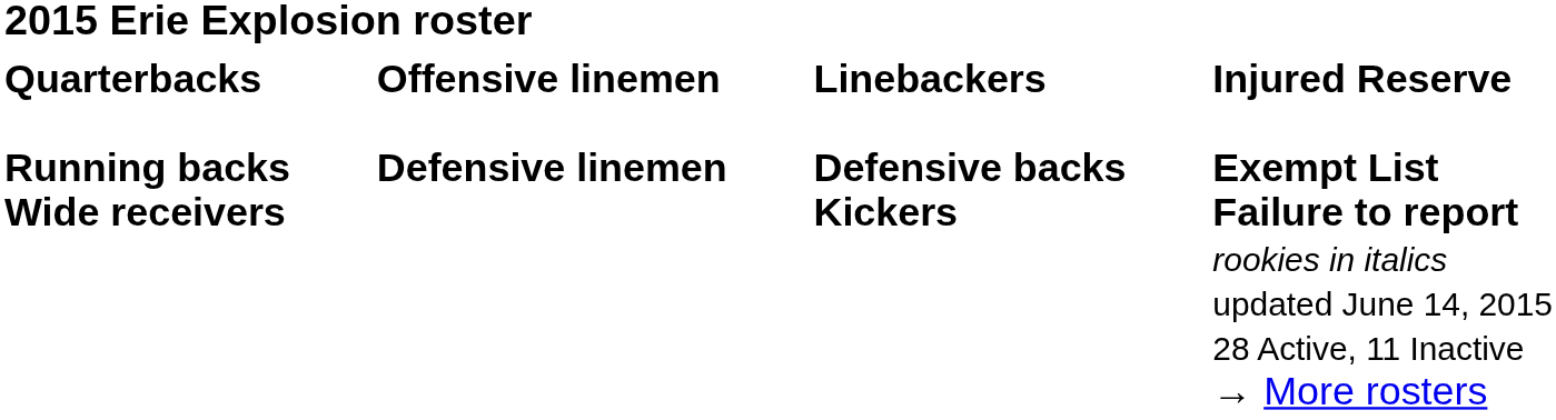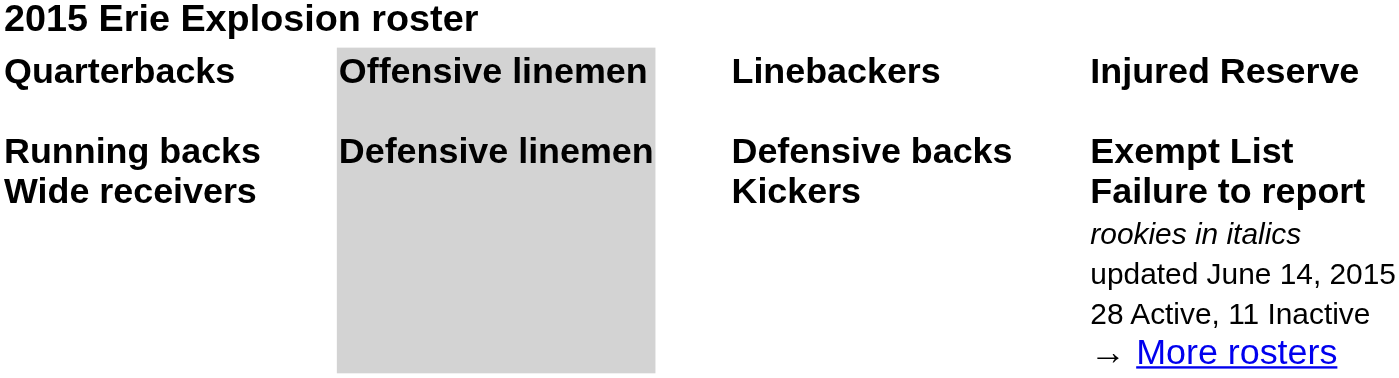 <table class="toccolours" style="text-align: left;">
 <tr>
 <th colspan="7"><strong>2015 Erie Explosion roster</strong></th>
 </tr>
 <tr>
 <td style="font-size: 95%;vertical-align:top;"><strong>Quarterbacks</strong><br> <br><strong>Running backs</strong>  <br><strong>Wide receivers</strong>      </td>
 <td style="width: 25px;"></td>
-<td style="font-size: 95%;vertical-align:top;"><strong>Offensive linemen</strong><br>    <br><strong>Defensive linemen</strong>    </td>
+<td style="background: lightgrey; font-size: 95%;vertical-align:top;"><strong>Offensive linemen</strong><br>    <br><strong>Defensive linemen</strong>    </td>
 <td style="width: 25px;"></td>
 <td style="font-size: 95%;vertical-align:top;"><strong>Linebackers</strong><br><br><strong>Defensive backs</strong>    <br><strong>Kickers</strong>  </td>
 <td style="width: 25px;"></td>
 <td style="font-size: 95%;vertical-align:top;"><strong>Injured Reserve</strong><br>      <br><strong>Exempt List</strong> <br><strong>Failure to report</strong>   <br><small><em>rookies in italics</em><br> updated June 14, 2015</small><br> <small>28 Active, 11 Inactive</small><br>→ <a href='#'>More rosters</a></td>
 </tr>
 <tr>
 </tr>
 </table>
